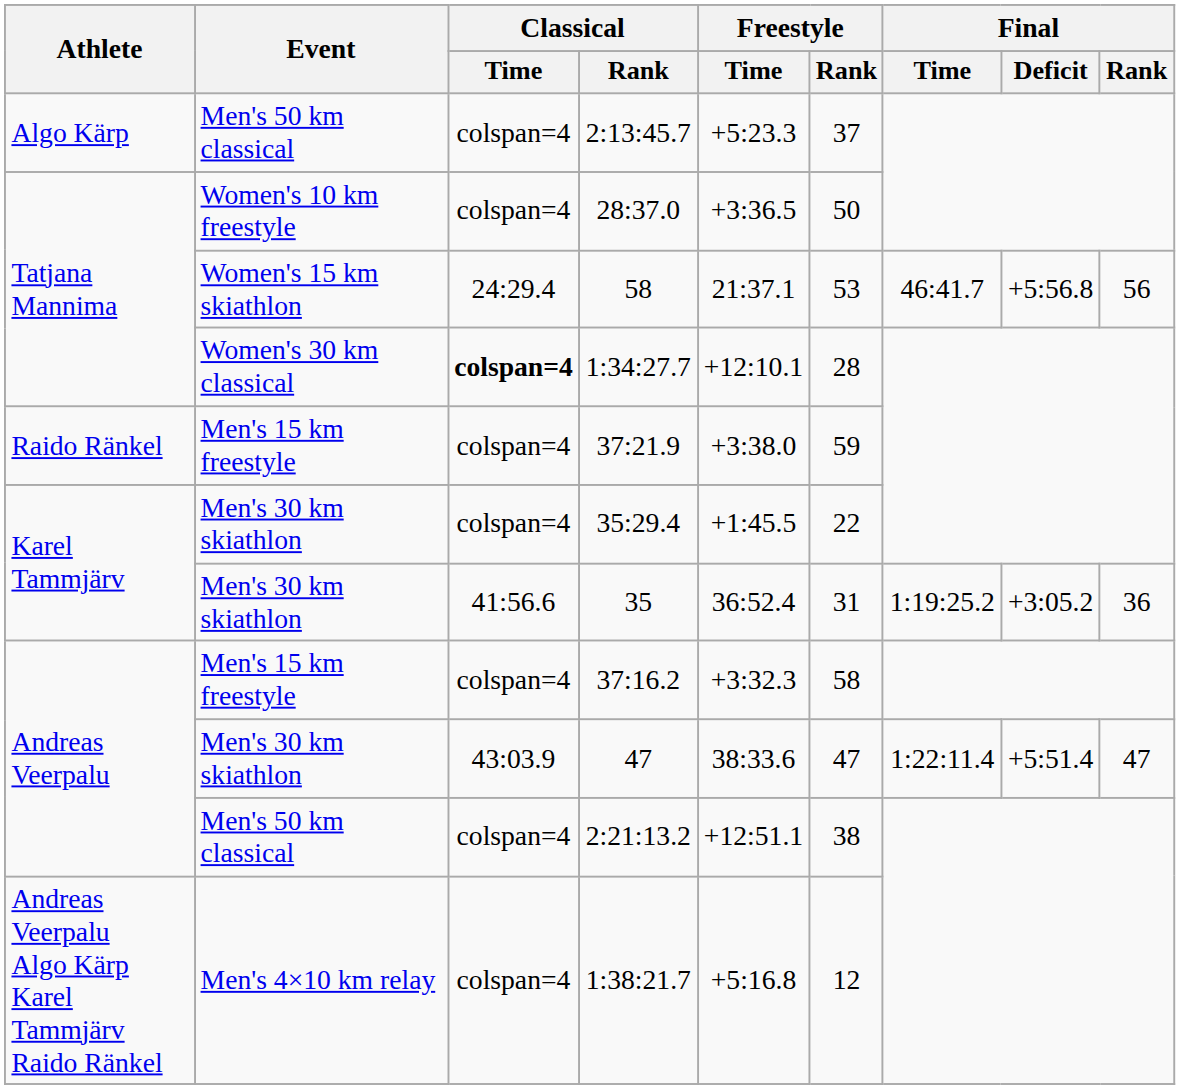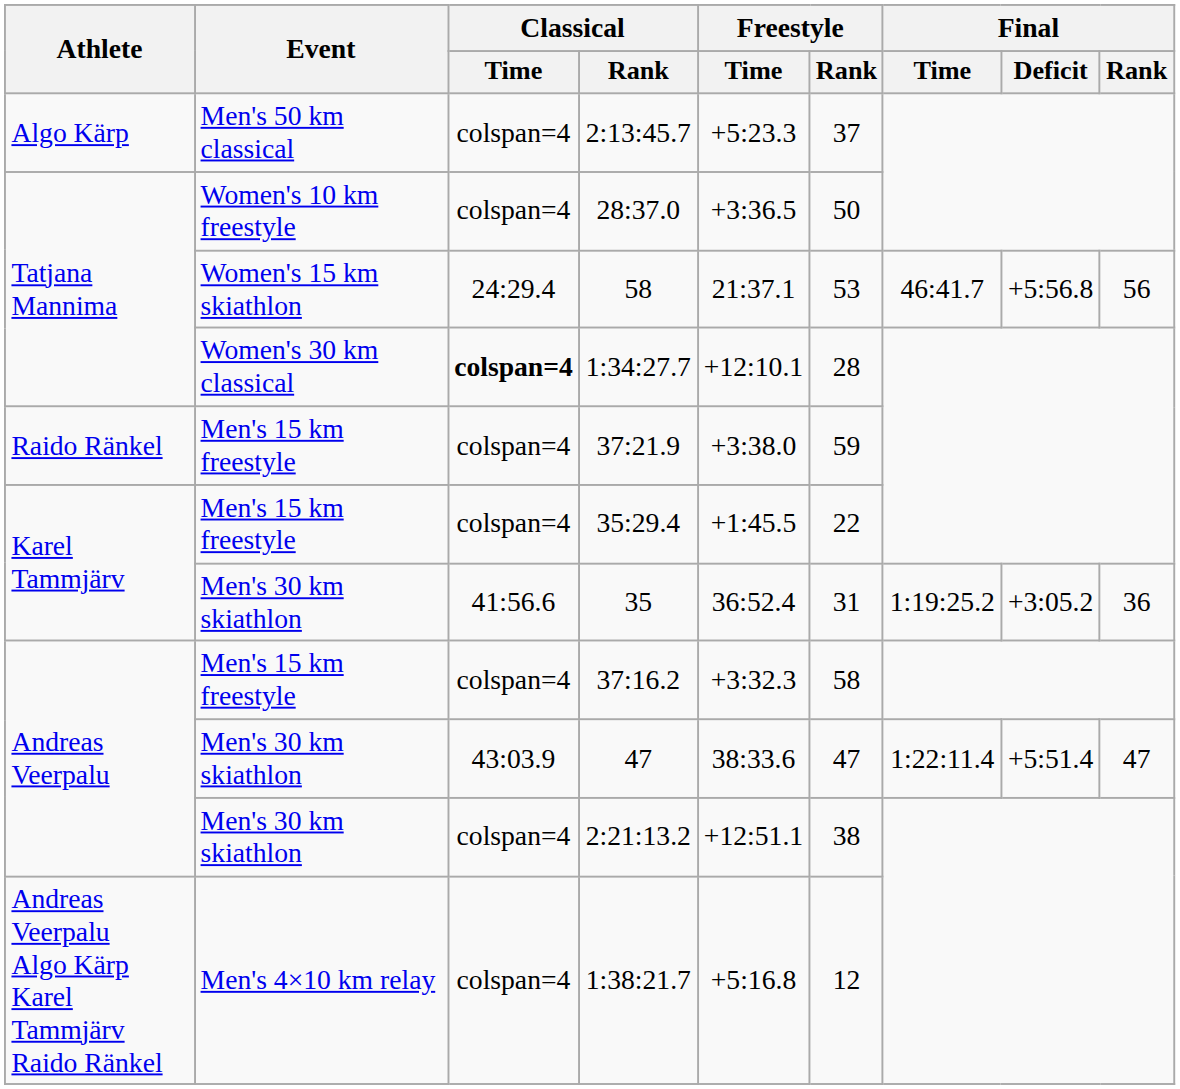 <table class="wikitable" style="font-size:90%">
 <tr>
 <th rowspan=2>Athlete</th>
 <th rowspan=2>Event</th>
 <th colspan=2>Classical</th>
 <th colspan=2>Freestyle</th>
 <th colspan=3>Final</th>
 </tr>
 <tr style="font-size: 95%">
 <th>Time</th>
 <th>Rank</th>
 <th>Time</th>
 <th>Rank</th>
 <th>Time</th>
 <th>Deficit</th>
 <th>Rank</th>
 </tr>
 <tr align=center>
 <td align=left><a href='#'>Algo Kärp</a></td>
 <td align=left><a href='#'>Men's 50 km classical</a></td>
 <td>colspan=4 </td>
 <td>2:13:45.7</td>
 <td>+5:23.3</td>
 <td>37</td>
 </tr>
 <tr align=center>
 <td align=left rowspan=3><a href='#'>Tatjana Mannima</a></td>
 <td align=left><a href='#'>Women's 10 km freestyle</a></td>
 <td>colspan=4 </td>
 <td>28:37.0</td>
 <td>+3:36.5</td>
 <td>50</td>
 </tr>
 <tr align=center>
 <td align=left><a href='#'>Women's 15 km skiathlon</a></td>
 <td>24:29.4</td>
 <td>58</td>
 <td>21:37.1</td>
 <td>53</td>
 <td>46:41.7</td>
 <td>+5:56.8</td>
 <td>56</td>
 </tr>
 <tr align=center>
 <td align=left><a href='#'>Women's 30 km classical</a></td>
 <td><strong>colspan=4 </strong></td>
 <td>1:34:27.7</td>
 <td>+12:10.1</td>
 <td>28</td>
 </tr>
 <tr align=center>
 <td align=left><a href='#'>Raido Ränkel</a></td>
 <td align=left><a href='#'>Men's 15 km freestyle</a></td>
 <td>colspan=4 </td>
 <td>37:21.9</td>
 <td>+3:38.0</td>
 <td>59</td>
 </tr>
 <tr align=center>
 <td align=left rowspan=2><a href='#'>Karel Tammjärv</a></td>
-<td align=left><a href='#'>Men's 30 km skiathlon</a></td>
+<td align=left><a href='#'>Men's 15 km freestyle</a></td>
 <td>colspan=4 </td>
 <td>35:29.4</td>
 <td>+1:45.5</td>
 <td>22</td>
 </tr>
 <tr align=center>
 <td align=left><a href='#'>Men's 30 km skiathlon</a></td>
 <td>41:56.6</td>
 <td>35</td>
 <td>36:52.4</td>
 <td>31</td>
 <td>1:19:25.2</td>
 <td>+3:05.2</td>
 <td>36</td>
 </tr>
 <tr align=center>
 <td align=left rowspan=3><a href='#'>Andreas Veerpalu</a></td>
 <td align=left><a href='#'>Men's 15 km freestyle</a></td>
 <td>colspan=4 </td>
 <td>37:16.2</td>
 <td>+3:32.3</td>
 <td>58</td>
 </tr>
 <tr align=center>
 <td align=left><a href='#'>Men's 30 km skiathlon</a></td>
 <td>43:03.9</td>
 <td>47</td>
 <td>38:33.6</td>
 <td>47</td>
 <td>1:22:11.4</td>
 <td>+5:51.4</td>
 <td>47</td>
 </tr>
 <tr align=center>
-<td align=left><a href='#'>Men's 50 km classical</a></td>
+<td align=left><a href='#'>Men's 30 km skiathlon</a></td>
 <td>colspan=4 </td>
 <td>2:21:13.2</td>
 <td>+12:51.1</td>
 <td>38</td>
 </tr>
 <tr align=center>
 <td align=left><a href='#'>Andreas Veerpalu</a><br><a href='#'>Algo Kärp</a><br><a href='#'>Karel Tammjärv</a><br><a href='#'>Raido Ränkel</a></td>
 <td align=left><a href='#'>Men's 4×10 km relay</a></td>
 <td>colspan=4 </td>
 <td>1:38:21.7</td>
 <td>+5:16.8</td>
 <td>12</td>
 </tr>
 </table>
